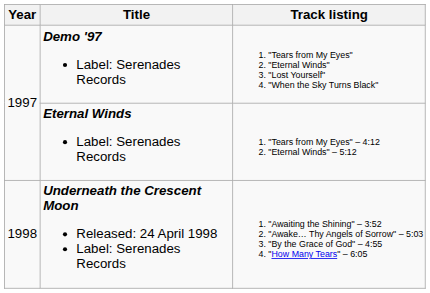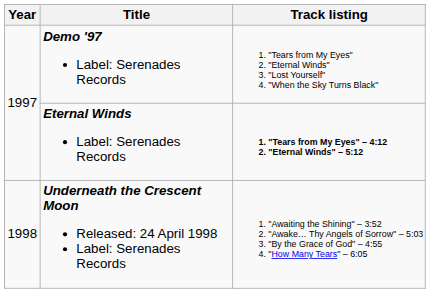 <table class=wikitable>
 <tr>
 <th>Year</th>
 <th width=225px>Title</th>
 <th>Track listing</th>
 </tr>
 <tr>
 <td rowspan=2>1997</td>
 <td><strong><em>Demo '97</em></strong><br><ul><li>Label: Serenades Records</li></ul></td>
 <td style="font-size:8pt;line-height;1em"><br><ol><li>"Tears from My Eyes"</li><li>"Eternal Winds"</li><li>"Lost Yourself"</li><li>"When the Sky Turns Black"</li></ol></td>
 </tr>
 <tr>
 <td><strong><em>Eternal Winds</em></strong><br><ul><li>Label: Serenades Records</li></ul></td>
-<td style="font-size:8pt;line-height;1em"><br><ol><li>"Tears from My Eyes" – 4:12</li><li>"Eternal Winds" – 5:12</li></ol></td>
+<td style="font-size:8pt;line-height;1em"><strong><br><ol><li>"Tears from My Eyes" – 4:12</li><li>"Eternal Winds" – 5:12</li></ol></strong></td>
 </tr>
 <tr>
 <td>1998</td>
 <td><strong><em>Underneath the Crescent Moon</em></strong><br><ul><li>Released: 24 April 1998</li><li>Label: Serenades Records </li></ul></td>
 <td style="font-size:8pt;line-height;1em"><br><ol><li>"Awaiting the Shining" – 3:52</li><li>"Awake… Thy Angels of Sorrow" – 5:03</li><li>"By the Grace of God" – 4:55</li><li>"<a href='#'>How Many Tears</a>" – 6:05</li></ol></td>
 </tr>
 </table>
